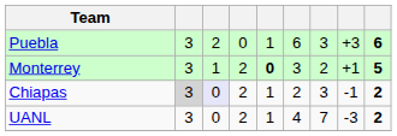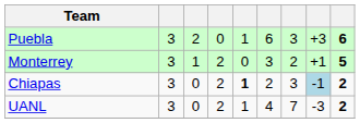 <table class="wikitable" style="text-align: center;">
 <tr>
 <th width=165>Team</th>
 <th width=20></th>
 <th width=20></th>
 <th width=20></th>
 <th width=20></th>
 <th width=20></th>
 <th width=20></th>
 <th width=20></th>
 <th width=20></th>
 </tr>
 <tr bgcolor="#ccffcc">
 <td align="left"><a href='#'>Puebla</a></td>
 <td>3</td>
 <td>2</td>
 <td>0</td>
 <td>1</td>
 <td>6</td>
 <td>3</td>
 <td>+3</td>
 <td><strong>6</strong></td>
 </tr>
 <tr bgcolor="#ccffcc">
 <td align="left"><a href='#'>Monterrey</a></td>
 <td>3</td>
 <td>1</td>
 <td>2</td>
-<td><strong>0</strong></td>
+<td>0</td>
 <td>3</td>
 <td>2</td>
 <td>+1</td>
 <td><strong>5</strong></td>
 </tr>
 <tr>
 <td align="left"><a href='#'>Chiapas</a></td>
-<td style="background: lightgrey;">3</td>
-<td style="background: lavender;">0</td>
+<td>3</td>
+<td>0</td>
 <td>2</td>
-<td>1</td>
+<td><strong>1</strong></td>
 <td>2</td>
 <td>3</td>
-<td>-1</td>
+<td style="background: lightblue;">-1</td>
 <td><strong>2</strong></td>
 </tr>
 <tr>
 <td align="left"><a href='#'>UANL</a></td>
 <td>3</td>
 <td>0</td>
 <td>2</td>
 <td>1</td>
 <td>4</td>
 <td>7</td>
 <td>-3</td>
 <td><strong>2</strong></td>
 </tr>
 <tr>
 </tr>
 </table>
